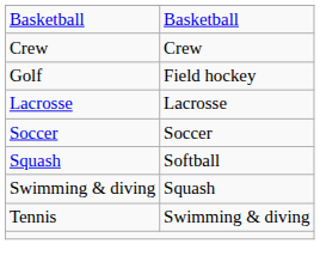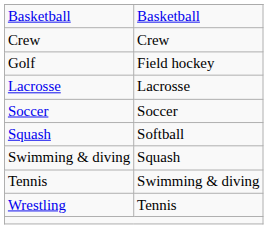 <table class="wikitable">
 <tr>
 </tr>
 <tr>
 <td><a href='#'>Basketball</a></td>
 <td><a href='#'>Basketball</a></td>
 </tr>
 <tr>
 <td>Crew</td>
 <td>Crew</td>
 </tr>
 <tr>
 <td>Golf</td>
 <td>Field hockey</td>
 </tr>
 <tr>
 <td><a href='#'>Lacrosse</a></td>
 <td>Lacrosse</td>
 </tr>
 <tr>
 <td><a href='#'>Soccer</a></td>
 <td>Soccer</td>
 </tr>
 <tr>
 <td><a href='#'>Squash</a></td>
 <td>Softball</td>
 </tr>
 <tr>
 <td>Swimming & diving</td>
 <td>Squash</td>
 </tr>
 <tr>
 <td>Tennis</td>
 <td>Swimming & diving</td>
 </tr>
 <tr>
+<td><a href='#'>Wrestling</a></td>
+<td>Tennis</td>
+</tr>
+<tr>
 <td colspan="2"></td>
 </tr>
 </table>
